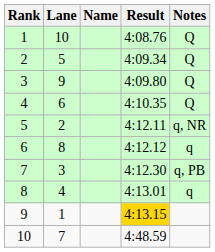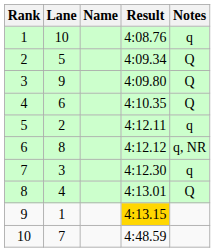 <table class="wikitable" style="text-align:center">
 <tr>
 <th>Rank</th>
 <th>Lane</th>
 <th>Name</th>
 <th>Result</th>
 <th>Notes</th>
 </tr>
 <tr bgcolor=ccffcc>
 <td>1</td>
 <td>10</td>
 <td align="left"></td>
 <td>4:08.76</td>
-<td>Q</td>
+<td>q</td>
 </tr>
 <tr bgcolor=ccffcc>
 <td>2</td>
 <td>5</td>
 <td align="left"></td>
 <td>4:09.34</td>
 <td>Q</td>
 </tr>
 <tr bgcolor=ccffcc>
 <td>3</td>
 <td>9</td>
 <td align="left"></td>
 <td>4:09.80</td>
 <td>Q</td>
 </tr>
 <tr bgcolor=ccffcc>
 <td>4</td>
 <td>6</td>
 <td align="left"></td>
 <td>4:10.35</td>
 <td>Q</td>
 </tr>
 <tr bgcolor=ccffcc>
 <td>5</td>
 <td>2</td>
 <td align="left"></td>
 <td>4:12.11</td>
-<td>q, NR</td>
+<td>q</td>
 </tr>
 <tr bgcolor=ccffcc>
 <td>6</td>
 <td>8</td>
 <td align="left"></td>
 <td>4:12.12</td>
-<td>q</td>
+<td>q, NR</td>
 </tr>
 <tr bgcolor=ccffcc>
 <td>7</td>
 <td>3</td>
 <td align="left"></td>
 <td>4:12.30</td>
-<td>q, PB</td>
+<td>q</td>
 </tr>
 <tr bgcolor=ccffcc>
 <td>8</td>
 <td>4</td>
 <td align="left"></td>
 <td>4:13.01</td>
-<td>q</td>
+<td>Q</td>
 </tr>
 <tr>
 <td>9</td>
 <td>1</td>
 <td align="left"></td>
 <td style="background: gold;">4:13.15</td>
 <td></td>
 </tr>
 <tr>
 <td>10</td>
 <td>7</td>
 <td align="left"></td>
 <td>4:48.59</td>
 <td></td>
 </tr>
 </table>
